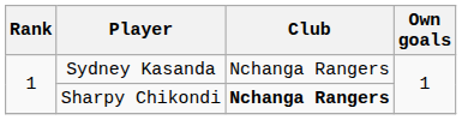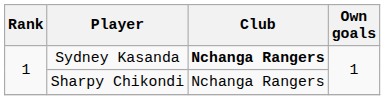 <table class="wikitable" style="text-align:center">
 <tr>
 <th>Rank</th>
 <th>Player</th>
 <th>Club</th>
 <th>Own<br>goals</th>
 </tr>
 <tr>
 <td rowspan="2">1</td>
 <td> Sydney Kasanda</td>
-<td>Nchanga Rangers</td>
+<td><strong>Nchanga Rangers</strong></td>
 <td rowspan="2">1</td>
 </tr>
 <tr>
 <td> Sharpy Chikondi</td>
-<td><strong>Nchanga Rangers</strong></td>
+<td>Nchanga Rangers</td>
 </tr>
 <tr>
 </tr>
 </table>
